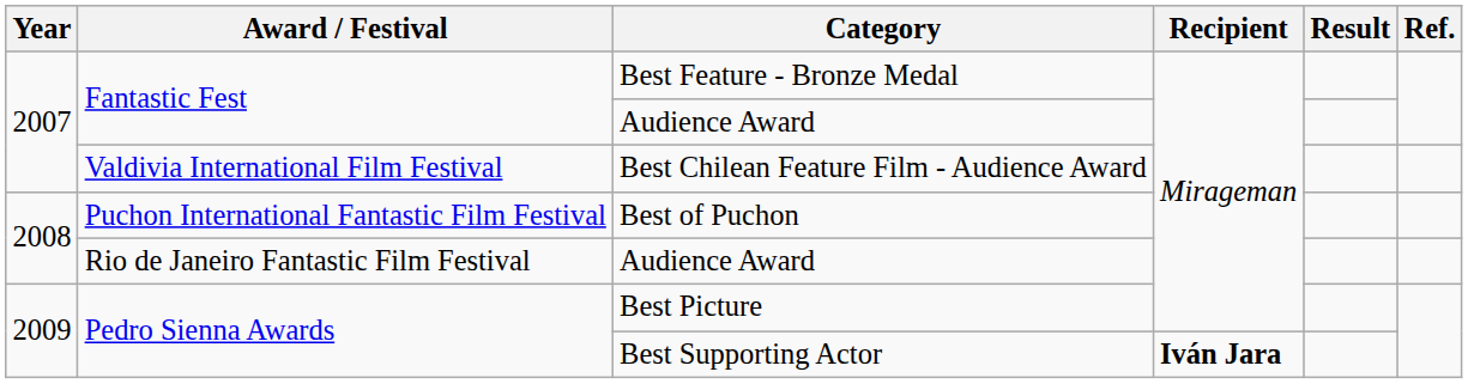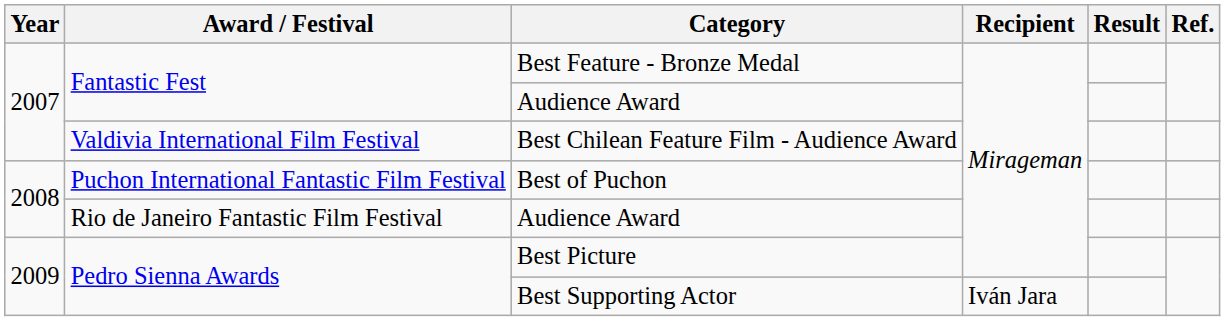 <table class="wikitable">
 <tr>
 <th>Year</th>
 <th>Award / Festival</th>
 <th>Category</th>
 <th>Recipient</th>
 <th>Result</th>
 <th>Ref.</th>
 </tr>
 <tr>
 <td rowspan="3">2007</td>
 <td rowspan="2"><a href='#'>Fantastic Fest</a></td>
 <td>Best Feature - Bronze Medal</td>
 <td rowspan="6"><em>Mirageman</em></td>
 <td></td>
 <td rowspan="2"></td>
 </tr>
 <tr>
 <td>Audience Award</td>
 <td></td>
 </tr>
 <tr>
 <td><a href='#'>Valdivia International Film Festival</a></td>
 <td>Best Chilean Feature Film - Audience Award</td>
 <td></td>
 <td></td>
 </tr>
 <tr>
 <td rowspan="2">2008</td>
 <td><a href='#'>Puchon International Fantastic Film Festival</a></td>
 <td>Best of Puchon</td>
 <td></td>
 <td></td>
 </tr>
 <tr>
 <td>Rio de Janeiro Fantastic Film Festival</td>
 <td>Audience Award</td>
 <td></td>
 <td></td>
 </tr>
 <tr>
 <td rowspan="2">2009</td>
 <td rowspan="2"><a href='#'>Pedro Sienna Awards</a></td>
 <td>Best Picture</td>
 <td></td>
 <td rowspan="2"></td>
 </tr>
 <tr>
 <td>Best Supporting Actor</td>
-<td><strong>Iván Jara</strong></td>
+<td>Iván Jara</td>
 <td></td>
 </tr>
 </table>
